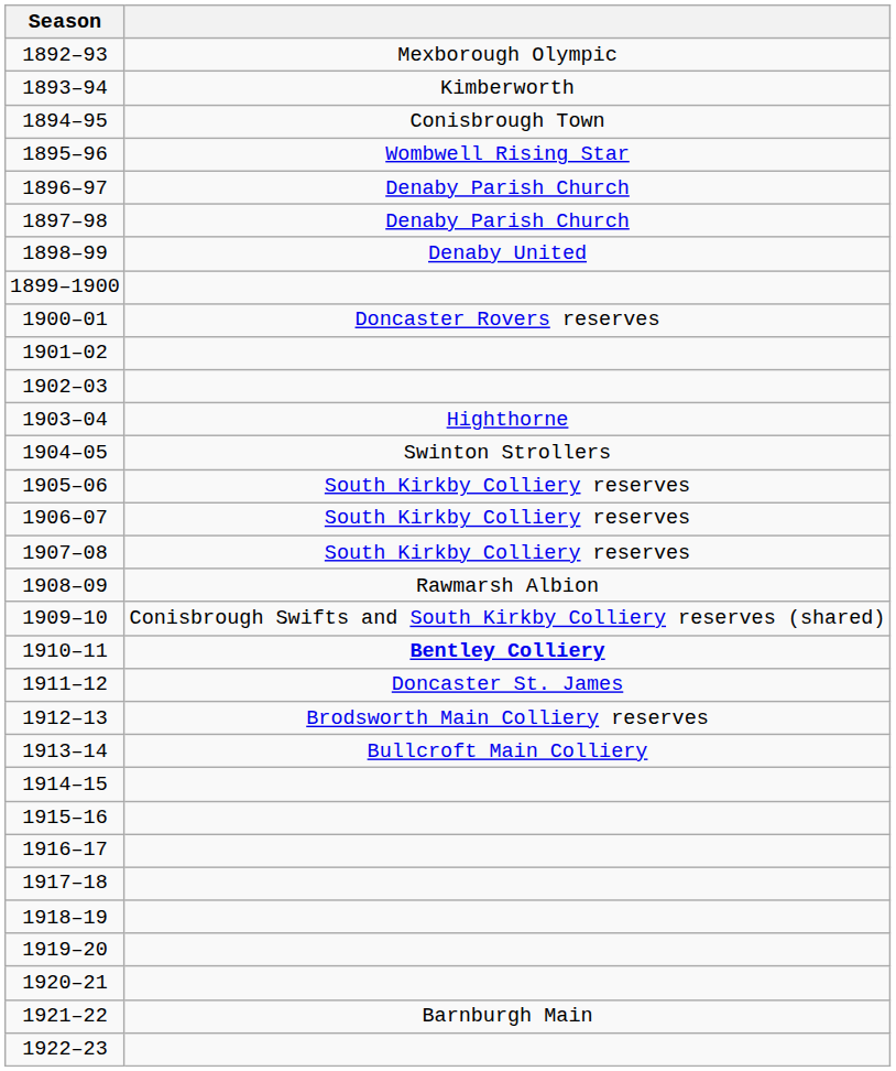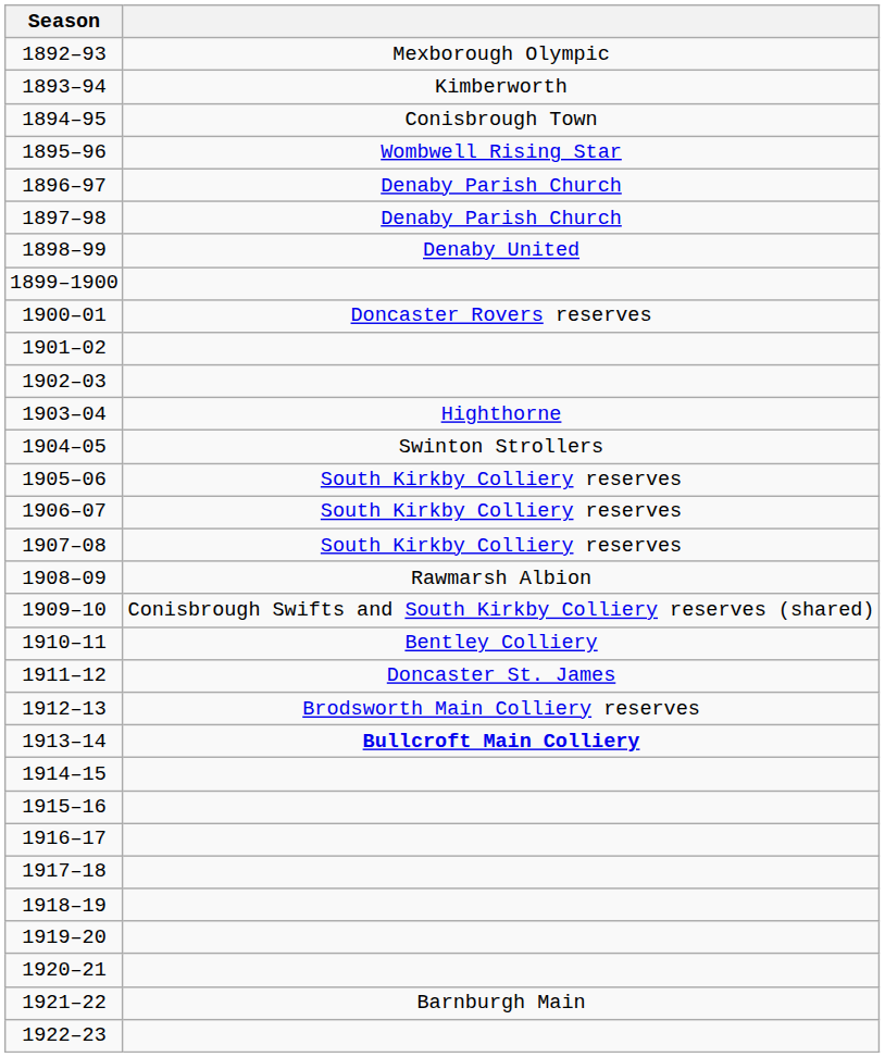 <table class="wikitable" style="text-align: center">
 <tr>
 <th>Season</th>
 <th></th>
 </tr>
 <tr>
 <td>1892–93</td>
 <td>Mexborough Olympic</td>
 </tr>
 <tr>
 <td>1893–94</td>
 <td>Kimberworth</td>
 </tr>
 <tr>
 <td>1894–95</td>
 <td>Conisbrough Town</td>
 </tr>
 <tr>
 <td>1895–96</td>
 <td><a href='#'>Wombwell Rising Star</a></td>
 </tr>
 <tr>
 <td>1896–97</td>
 <td><a href='#'>Denaby Parish Church</a></td>
 </tr>
 <tr>
 <td>1897–98</td>
 <td><a href='#'>Denaby Parish Church</a></td>
 </tr>
 <tr>
 <td>1898–99</td>
 <td><a href='#'>Denaby United</a></td>
 </tr>
 <tr>
 <td>1899–1900</td>
 <td></td>
 </tr>
 <tr>
 <td>1900–01</td>
 <td><a href='#'>Doncaster Rovers</a> reserves</td>
 </tr>
 <tr>
 <td>1901–02</td>
 <td></td>
 </tr>
 <tr>
 <td>1902–03</td>
 <td></td>
 </tr>
 <tr>
 <td>1903–04</td>
 <td><a href='#'>Highthorne</a></td>
 </tr>
 <tr>
 <td>1904–05</td>
 <td>Swinton Strollers</td>
 </tr>
 <tr>
 <td>1905–06</td>
 <td><a href='#'>South Kirkby Colliery</a> reserves</td>
 </tr>
 <tr>
 <td>1906–07</td>
 <td><a href='#'>South Kirkby Colliery</a> reserves</td>
 </tr>
 <tr>
 <td>1907–08</td>
 <td><a href='#'>South Kirkby Colliery</a> reserves</td>
 </tr>
 <tr>
 <td>1908–09</td>
 <td>Rawmarsh Albion</td>
 </tr>
 <tr>
 <td>1909–10</td>
 <td>Conisbrough Swifts and <a href='#'>South Kirkby Colliery</a> reserves (shared)</td>
 </tr>
 <tr>
 <td>1910–11</td>
-<td><strong><a href='#'>Bentley Colliery</a></strong></td>
+<td><a href='#'>Bentley Colliery</a></td>
 </tr>
 <tr>
 <td>1911–12</td>
 <td><a href='#'>Doncaster St. James</a></td>
 </tr>
 <tr>
 <td>1912–13</td>
 <td><a href='#'>Brodsworth Main Colliery</a> reserves</td>
 </tr>
 <tr>
 <td>1913–14</td>
-<td><a href='#'>Bullcroft Main Colliery</a></td>
+<td><strong><a href='#'>Bullcroft Main Colliery</a></strong></td>
 </tr>
 <tr>
 <td>1914–15</td>
 <td></td>
 </tr>
 <tr>
 <td>1915–16</td>
 <td></td>
 </tr>
 <tr>
 <td>1916–17</td>
 <td></td>
 </tr>
 <tr>
 <td>1917–18</td>
 <td></td>
 </tr>
 <tr>
 <td>1918–19</td>
 <td></td>
 </tr>
 <tr>
 <td>1919–20</td>
 <td></td>
 </tr>
 <tr>
 <td>1920–21</td>
 <td></td>
 </tr>
 <tr>
 <td>1921–22</td>
 <td>Barnburgh Main</td>
 </tr>
 <tr>
 <td>1922–23</td>
 <td></td>
 </tr>
 </table>
